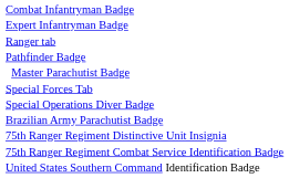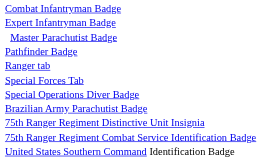 <table>
 <tr>
 <td> <a href='#'>Combat Infantryman Badge</a></td>
 </tr>
 <tr>
 <td> <a href='#'>Expert Infantryman Badge</a></td>
 </tr>
 <tr>
-<td> <a href='#'>Ranger tab</a></td>
+<td>  <a href='#'>Master Parachutist Badge</a></td>
 </tr>
 <tr>
 <td> <a href='#'>Pathfinder Badge</a></td>
 </tr>
 <tr>
-<td>  <a href='#'>Master Parachutist Badge</a></td>
+<td> <a href='#'>Ranger tab</a></td>
 </tr>
 <tr>
 <td> <a href='#'>Special Forces Tab</a></td>
 </tr>
 <tr>
 <td> <a href='#'>Special Operations Diver Badge</a></td>
 </tr>
 <tr>
 <td> <a href='#'>Brazilian Army Parachutist Badge</a></td>
 </tr>
 <tr>
 <td> <a href='#'>75th Ranger Regiment Distinctive Unit Insignia</a></td>
 </tr>
 <tr>
 <td> <a href='#'>75th Ranger Regiment Combat Service Identification Badge</a></td>
 </tr>
 <tr>
 <td> <a href='#'>United States Southern Command</a> Identification Badge</td>
 </tr>
 </table>
